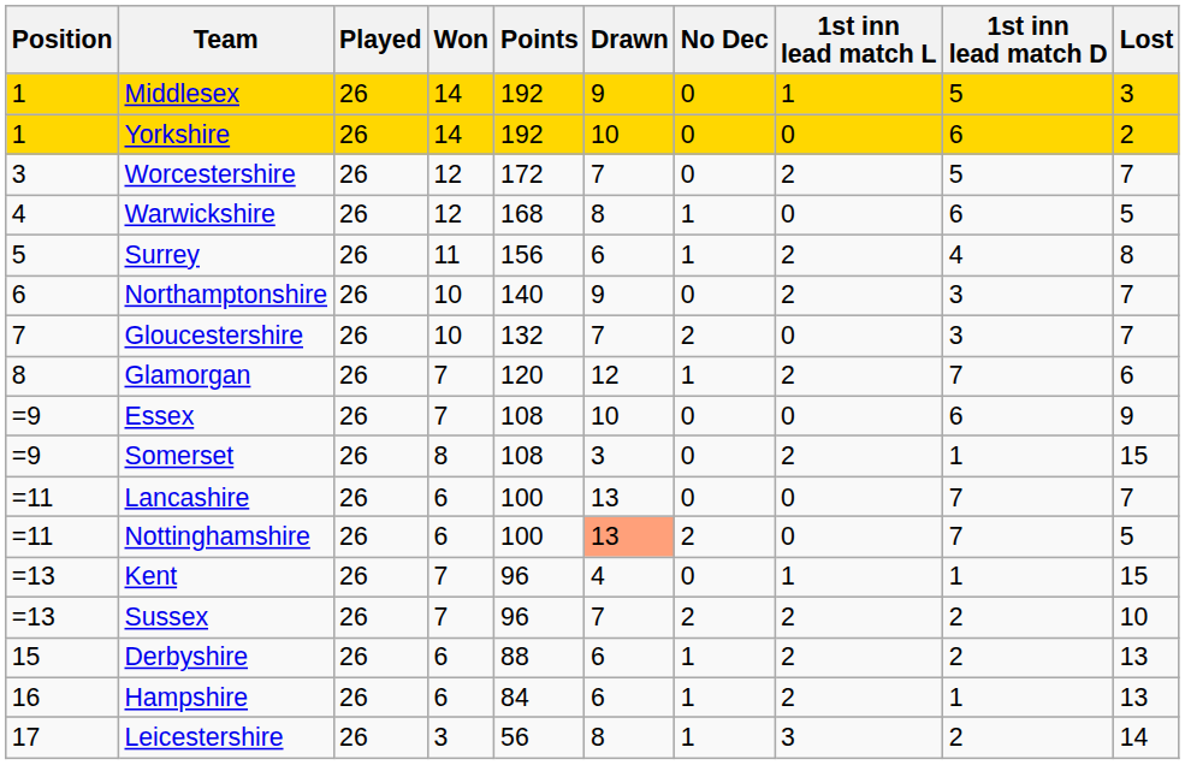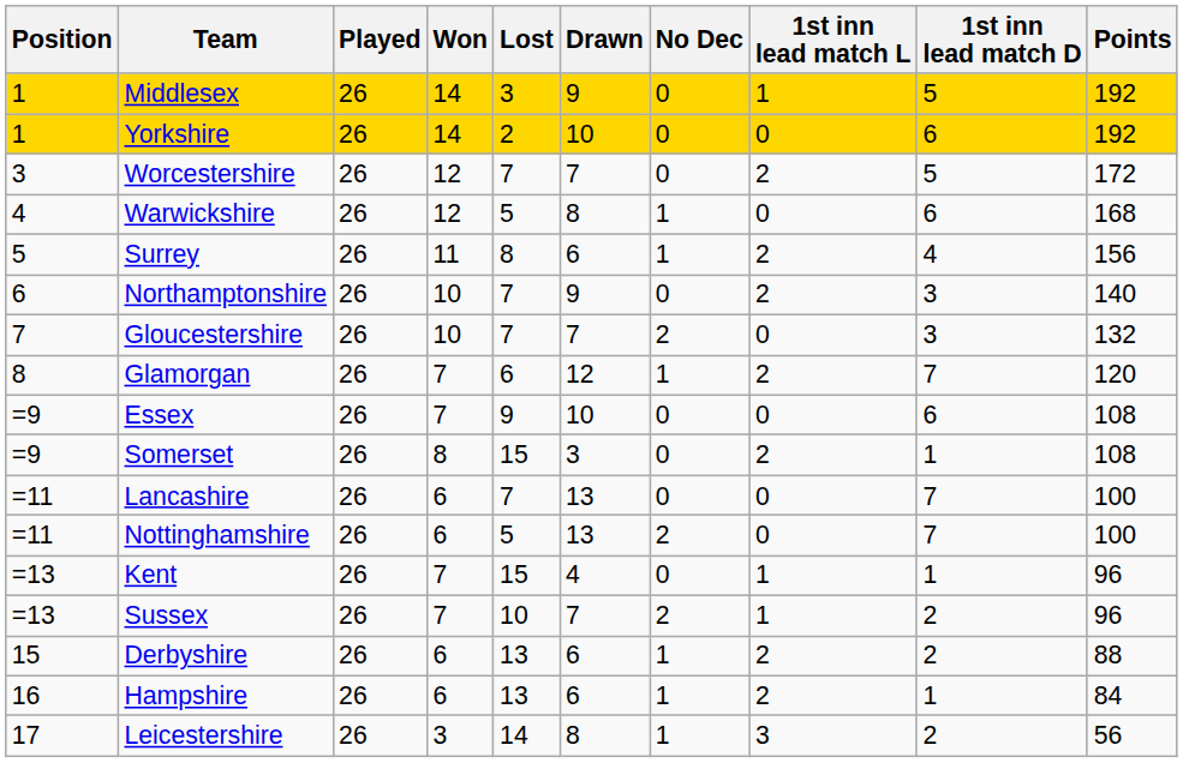 <table class="wikitable" style="font-size:85%;">
 <tr>
 <th>Position</th>
 <th>Team</th>
 <th>Played</th>
 <th>Won</th>
-<th>Points</th>
+<th>Lost</th>
 <th>Drawn</th>
 <th>No Dec</th>
 <th>1st inn<br>lead match L</th>
 <th>1st inn<br>lead match D</th>
-<th>Lost</th>
+<th>Points</th>
 </tr>
 <tr>
 <td bgcolor="gold">1</td>
 <td bgcolor="gold"><a href='#'>Middlesex</a></td>
 <td bgcolor="gold">26</td>
 <td bgcolor="gold">14</td>
-<td bgcolor="gold">192</td>
+<td bgcolor="gold">3</td>
 <td bgcolor="gold">9</td>
 <td bgcolor="gold">0</td>
 <td bgcolor="gold">1</td>
 <td bgcolor="gold">5</td>
-<td bgcolor="gold">3</td>
+<td bgcolor="gold">192</td>
 </tr>
 <tr>
 <td bgcolor="gold">1</td>
 <td bgcolor="gold"><a href='#'>Yorkshire</a></td>
 <td bgcolor="gold">26</td>
 <td bgcolor="gold">14</td>
-<td bgcolor="gold">192</td>
+<td bgcolor="gold">2</td>
 <td bgcolor="gold">10</td>
 <td bgcolor="gold">0</td>
 <td bgcolor="gold">0</td>
 <td bgcolor="gold">6</td>
-<td bgcolor="gold">2</td>
+<td bgcolor="gold">192</td>
 </tr>
 <tr>
 <td>3</td>
 <td><a href='#'>Worcestershire</a></td>
 <td>26</td>
 <td>12</td>
-<td>172</td>
+<td>7</td>
 <td>7</td>
 <td>0</td>
 <td>2</td>
 <td>5</td>
-<td>7</td>
+<td>172</td>
 </tr>
 <tr>
 <td>4</td>
 <td><a href='#'>Warwickshire</a></td>
 <td>26</td>
 <td>12</td>
-<td>168</td>
+<td>5</td>
 <td>8</td>
 <td>1</td>
 <td>0</td>
 <td>6</td>
-<td>5</td>
+<td>168</td>
 </tr>
 <tr>
 <td>5</td>
 <td><a href='#'>Surrey</a></td>
 <td>26</td>
 <td>11</td>
-<td>156</td>
+<td>8</td>
 <td>6</td>
 <td>1</td>
 <td>2</td>
 <td>4</td>
-<td>8</td>
+<td>156</td>
 </tr>
 <tr>
 <td>6</td>
 <td><a href='#'>Northamptonshire</a></td>
 <td>26</td>
 <td>10</td>
-<td>140</td>
+<td>7</td>
 <td>9</td>
 <td>0</td>
 <td>2</td>
 <td>3</td>
-<td>7</td>
+<td>140</td>
 </tr>
 <tr>
 <td>7</td>
 <td><a href='#'>Gloucestershire</a></td>
 <td>26</td>
 <td>10</td>
-<td>132</td>
+<td>7</td>
 <td>7</td>
 <td>2</td>
 <td>0</td>
 <td>3</td>
-<td>7</td>
+<td>132</td>
 </tr>
 <tr>
 <td>8</td>
 <td><a href='#'>Glamorgan</a></td>
 <td>26</td>
 <td>7</td>
-<td>120</td>
+<td>6</td>
 <td>12</td>
 <td>1</td>
 <td>2</td>
 <td>7</td>
-<td>6</td>
+<td>120</td>
 </tr>
 <tr>
 <td>=9</td>
 <td><a href='#'>Essex</a></td>
 <td>26</td>
 <td>7</td>
-<td>108</td>
+<td>9</td>
 <td>10</td>
 <td>0</td>
 <td>0</td>
 <td>6</td>
-<td>9</td>
+<td>108</td>
 </tr>
 <tr>
 <td>=9</td>
 <td><a href='#'>Somerset</a></td>
 <td>26</td>
 <td>8</td>
-<td>108</td>
+<td>15</td>
 <td>3</td>
 <td>0</td>
 <td>2</td>
 <td>1</td>
-<td>15</td>
+<td>108</td>
 </tr>
 <tr>
 <td>=11</td>
 <td><a href='#'>Lancashire</a></td>
 <td>26</td>
 <td>6</td>
-<td>100</td>
+<td>7</td>
 <td>13</td>
 <td>0</td>
 <td>0</td>
 <td>7</td>
-<td>7</td>
+<td>100</td>
 </tr>
 <tr>
 <td>=11</td>
 <td><a href='#'>Nottinghamshire</a></td>
 <td>26</td>
 <td>6</td>
-<td>100</td>
-<td style="background: lightsalmon;">13</td>
+<td>5</td>
+<td>13</td>
 <td>2</td>
 <td>0</td>
 <td>7</td>
-<td>5</td>
+<td>100</td>
 </tr>
 <tr>
 <td>=13</td>
 <td><a href='#'>Kent</a></td>
 <td>26</td>
 <td>7</td>
-<td>96</td>
+<td>15</td>
 <td>4</td>
 <td>0</td>
 <td>1</td>
 <td>1</td>
-<td>15</td>
+<td>96</td>
 </tr>
 <tr>
 <td>=13</td>
 <td><a href='#'>Sussex</a></td>
 <td>26</td>
 <td>7</td>
-<td>96</td>
+<td>10</td>
 <td>7</td>
 <td>2</td>
+<td>1</td>
 <td>2</td>
-<td>2</td>
-<td>10</td>
+<td>96</td>
 </tr>
 <tr>
 <td>15</td>
 <td><a href='#'>Derbyshire</a></td>
 <td>26</td>
 <td>6</td>
-<td>88</td>
+<td>13</td>
 <td>6</td>
 <td>1</td>
 <td>2</td>
 <td>2</td>
-<td>13</td>
+<td>88</td>
 </tr>
 <tr>
 <td>16</td>
 <td><a href='#'>Hampshire</a></td>
 <td>26</td>
 <td>6</td>
-<td>84</td>
+<td>13</td>
 <td>6</td>
 <td>1</td>
 <td>2</td>
 <td>1</td>
-<td>13</td>
+<td>84</td>
 </tr>
 <tr>
 <td>17</td>
 <td><a href='#'>Leicestershire</a></td>
 <td>26</td>
 <td>3</td>
-<td>56</td>
+<td>14</td>
 <td>8</td>
 <td>1</td>
 <td>3</td>
 <td>2</td>
-<td>14</td>
+<td>56</td>
 </tr>
 </table>
